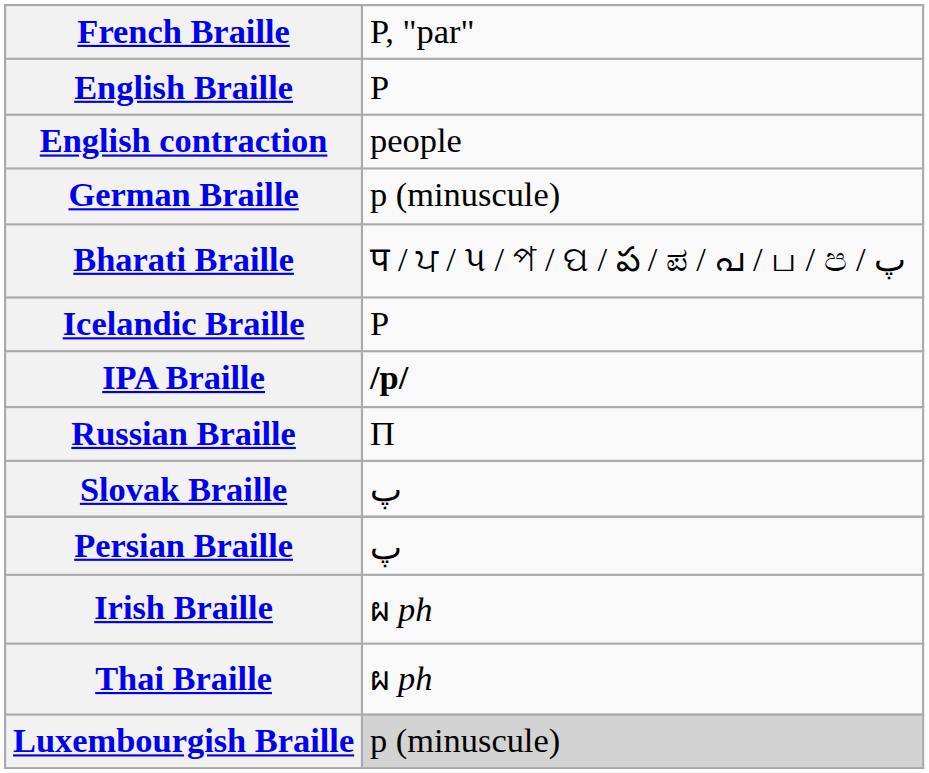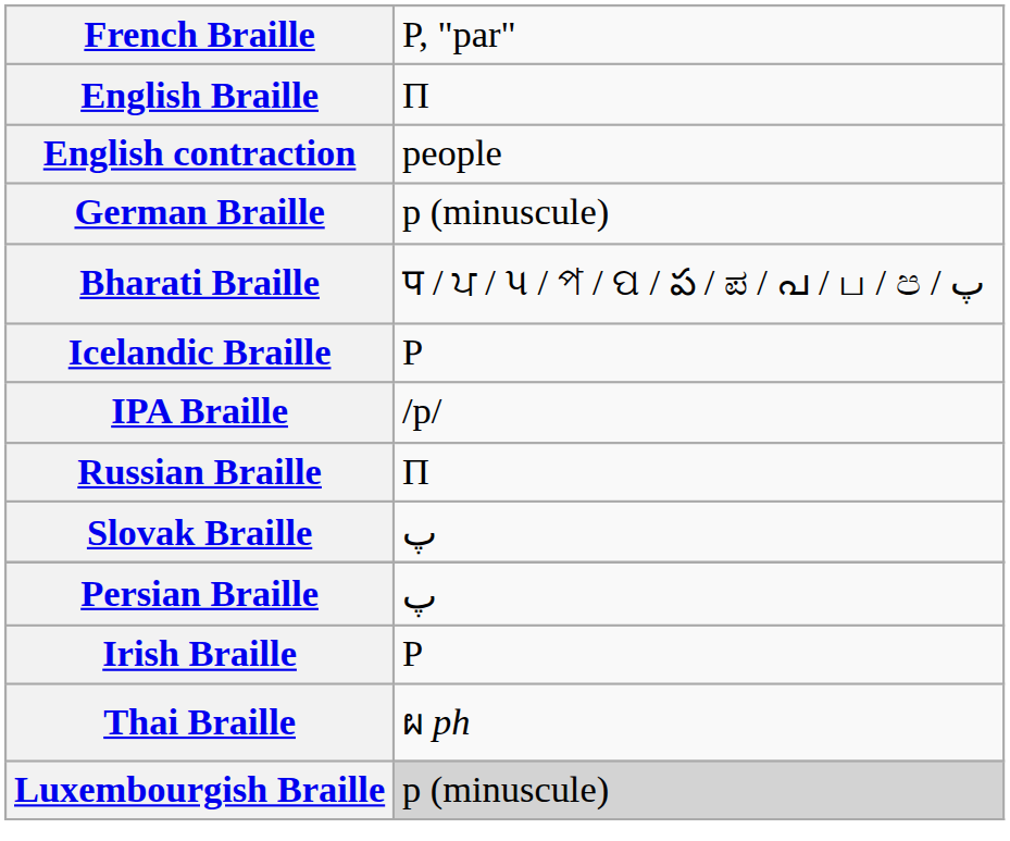 <table class="wikitable">
 <tr>
 <th align=left><a href='#'>French Braille</a></th>
 <td>P, "par"</td>
 </tr>
 <tr>
 <th align=left><a href='#'>English Braille</a></th>
-<td>P</td>
+<td>П</td>
 </tr>
 <tr>
 <th align=left><a href='#'>English contraction</a></th>
 <td>people</td>
 </tr>
 <tr>
 <th align=left><a href='#'>German Braille</a></th>
 <td>p (minuscule)</td>
 </tr>
 <tr>
 <th align=left><a href='#'>Bharati Braille</a></th>
 <td>प / ਪ / પ / প / ପ / ప / ಪ / പ / ப / ප / پ ‎</td>
 </tr>
 <tr>
 <th align=left><a href='#'>Icelandic Braille</a></th>
 <td>P</td>
 </tr>
 <tr>
 <th align=left><a href='#'>IPA Braille</a></th>
-<td><strong>/p/</strong></td>
+<td>/p/</td>
 </tr>
 <tr>
 <th align=left><a href='#'>Russian Braille</a></th>
 <td>П</td>
 </tr>
 <tr>
 <th align=left><a href='#'>Slovak Braille</a></th>
 <td>پ</td>
 </tr>
 <tr>
 </tr>
 <tr>
 <th align=left><a href='#'>Persian Braille</a></th>
 <td>پ</td>
 </tr>
 <tr>
 <th align=left><a href='#'>Irish Braille</a></th>
-<td>ผ <em>ph</em></td>
+<td>P</td>
 </tr>
 <tr>
 <th align=left><a href='#'>Thai Braille</a></th>
 <td>ผ <em>ph</em></td>
 </tr>
 <tr>
 <th align=left><a href='#'>Luxembourgish Braille</a></th>
 <td style="background: lightgrey;">p (minuscule)</td>
 </tr>
 <tr>
 </tr>
 </table>
